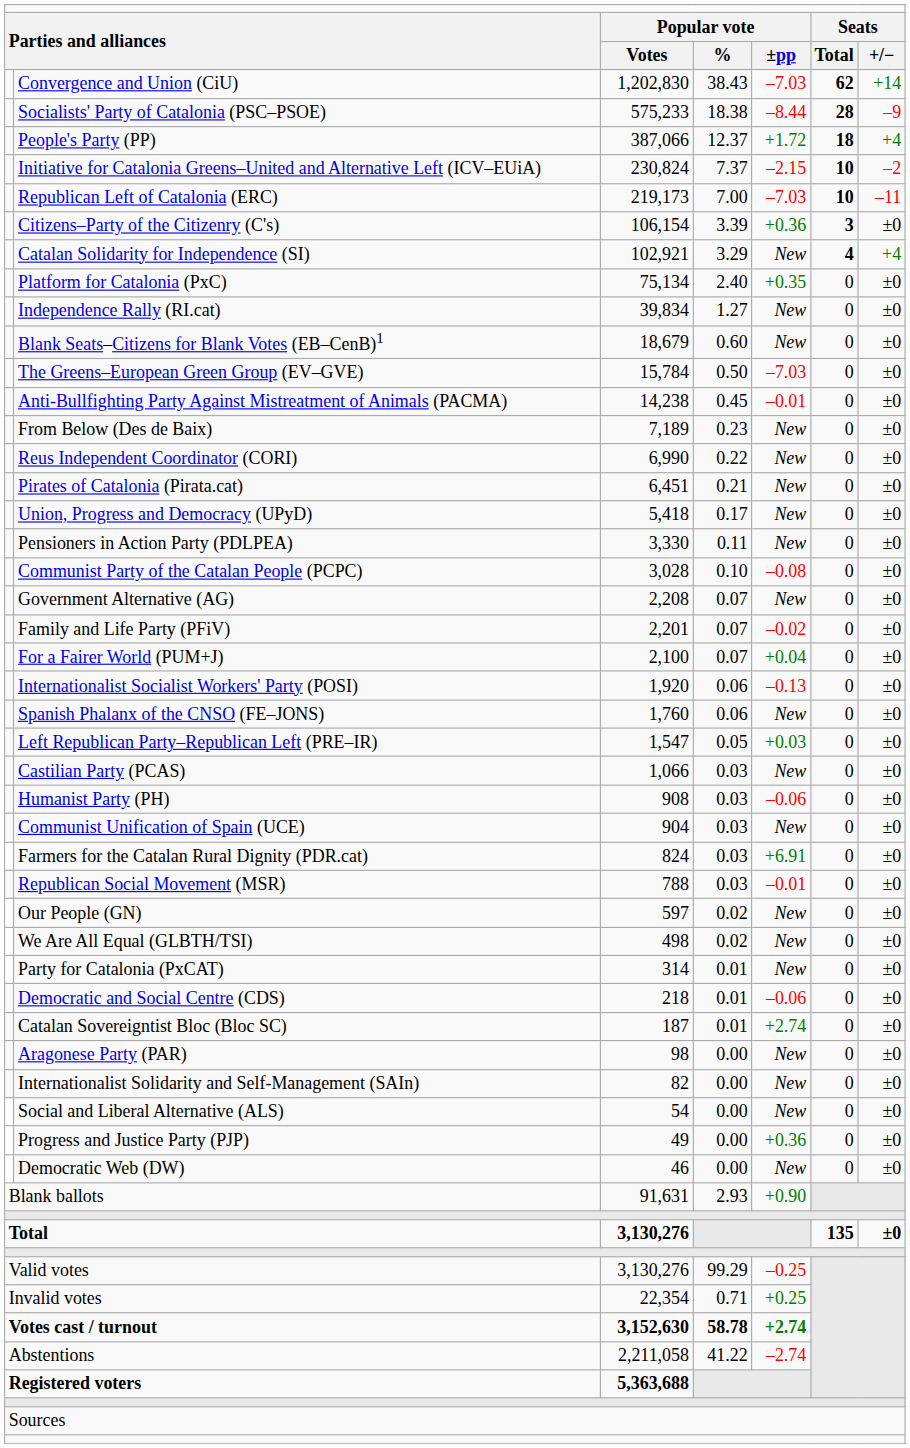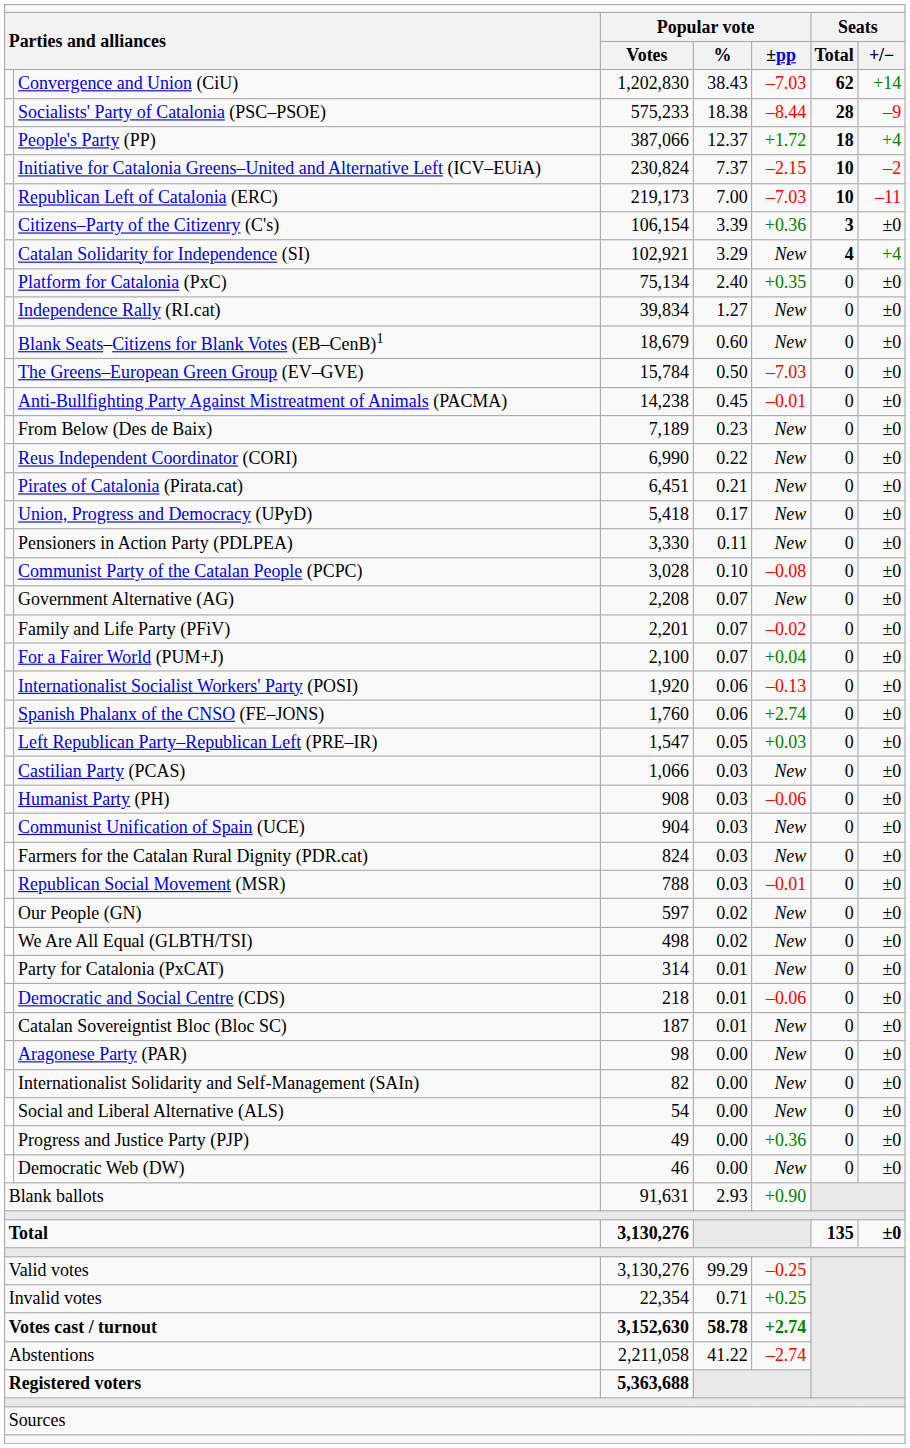 <table class="wikitable" style="text-align:right;">
 <tr>
 <td colspan="7"></td>
 </tr>
 <tr>
 <th style="text-align:left;" rowspan="2" colspan="2" width="525">Parties and alliances</th>
 <th colspan="3">Popular vote</th>
 <th colspan="2">Seats</th>
 </tr>
 <tr>
 <th width="75">Votes</th>
 <th width="45">%</th>
 <th width="45">±<a href='#'>pp</a></th>
 <th width="35">Total</th>
 <th width="35">+/−</th>
 </tr>
 <tr>
 <td width="1" style="color:inherit;background:"></td>
 <td align="left"><a href='#'>Convergence and Union</a> (CiU)</td>
 <td>1,202,830</td>
 <td>38.43</td>
 <td style="color:red;">–7.03</td>
 <td><strong>62</strong></td>
 <td style="color:green;">+14</td>
 </tr>
 <tr>
 <td style="color:inherit;background:"></td>
 <td align="left"><a href='#'>Socialists' Party of Catalonia</a> (PSC–PSOE)</td>
 <td>575,233</td>
 <td>18.38</td>
 <td style="color:red;">–8.44</td>
 <td><strong>28</strong></td>
 <td style="color:red;">–9</td>
 </tr>
 <tr>
 <td style="color:inherit;background:"></td>
 <td align="left"><a href='#'>People's Party</a> (PP)</td>
 <td>387,066</td>
 <td>12.37</td>
 <td style="color:green;">+1.72</td>
 <td><strong>18</strong></td>
 <td style="color:green;">+4</td>
 </tr>
 <tr>
 <td style="color:inherit;background:"></td>
 <td align="left"><a href='#'>Initiative for Catalonia Greens–United and Alternative Left</a> (ICV–EUiA)</td>
 <td>230,824</td>
 <td>7.37</td>
 <td style="color:red;">–2.15</td>
 <td><strong>10</strong></td>
 <td style="color:red;">–2</td>
 </tr>
 <tr>
 <td style="color:inherit;background:"></td>
 <td align="left"><a href='#'>Republican Left of Catalonia</a> (ERC)</td>
 <td>219,173</td>
 <td>7.00</td>
 <td style="color:red;">–7.03</td>
 <td><strong>10</strong></td>
 <td style="color:red;">–11</td>
 </tr>
 <tr>
 <td style="color:inherit;background:"></td>
 <td align="left"><a href='#'>Citizens–Party of the Citizenry</a> (C's)</td>
 <td>106,154</td>
 <td>3.39</td>
 <td style="color:green;">+0.36</td>
 <td><strong>3</strong></td>
 <td>±0</td>
 </tr>
 <tr>
 <td style="color:inherit;background:"></td>
 <td align="left"><a href='#'>Catalan Solidarity for Independence</a> (SI)</td>
 <td>102,921</td>
 <td>3.29</td>
 <td><em>New</em></td>
 <td><strong>4</strong></td>
 <td style="color:green;">+4</td>
 </tr>
 <tr>
 <td style="color:inherit;background:"></td>
 <td align="left"><a href='#'>Platform for Catalonia</a> (PxC)</td>
 <td>75,134</td>
 <td>2.40</td>
 <td style="color:green;">+0.35</td>
 <td>0</td>
 <td>±0</td>
 </tr>
 <tr>
 <td style="color:inherit;background:"></td>
 <td align="left"><a href='#'>Independence Rally</a> (RI.cat)</td>
 <td>39,834</td>
 <td>1.27</td>
 <td><em>New</em></td>
 <td>0</td>
 <td>±0</td>
 </tr>
 <tr>
 <td style="color:inherit;background:"></td>
 <td align="left"><a href='#'>Blank Seats</a>–<a href='#'>Citizens for Blank Votes</a> (EB–CenB)<sup>1</sup></td>
 <td>18,679</td>
 <td>0.60</td>
 <td><em>New</em></td>
 <td>0</td>
 <td>±0</td>
 </tr>
 <tr>
 <td style="color:inherit;background:"></td>
 <td align="left"><a href='#'>The Greens–European Green Group</a> (EV–GVE)</td>
 <td>15,784</td>
 <td>0.50</td>
 <td style="color:red;">–7.03</td>
 <td>0</td>
 <td>±0</td>
 </tr>
 <tr>
 <td style="color:inherit;background:"></td>
 <td align="left"><a href='#'>Anti-Bullfighting Party Against Mistreatment of Animals</a> (PACMA)</td>
 <td>14,238</td>
 <td>0.45</td>
 <td style="color:red;">–0.01</td>
 <td>0</td>
 <td>±0</td>
 </tr>
 <tr>
 <td style="color:inherit;background:"></td>
 <td align="left">From Below (Des de Baix)</td>
 <td>7,189</td>
 <td>0.23</td>
 <td><em>New</em></td>
 <td>0</td>
 <td>±0</td>
 </tr>
 <tr>
 <td style="color:inherit;background:"></td>
 <td align="left"><a href='#'>Reus Independent Coordinator</a> (CORI)</td>
 <td>6,990</td>
 <td>0.22</td>
 <td><em>New</em></td>
 <td>0</td>
 <td>±0</td>
 </tr>
 <tr>
 <td style="color:inherit;background:"></td>
 <td align="left"><a href='#'>Pirates of Catalonia</a> (Pirata.cat)</td>
 <td>6,451</td>
 <td>0.21</td>
 <td><em>New</em></td>
 <td>0</td>
 <td>±0</td>
 </tr>
 <tr>
 <td style="color:inherit;background:"></td>
 <td align="left"><a href='#'>Union, Progress and Democracy</a> (UPyD)</td>
 <td>5,418</td>
 <td>0.17</td>
 <td><em>New</em></td>
 <td>0</td>
 <td>±0</td>
 </tr>
 <tr>
 <td style="color:inherit;background:"></td>
 <td align="left">Pensioners in Action Party (PDLPEA)</td>
 <td>3,330</td>
 <td>0.11</td>
 <td><em>New</em></td>
 <td>0</td>
 <td>±0</td>
 </tr>
 <tr>
 <td style="color:inherit;background:"></td>
 <td align="left"><a href='#'>Communist Party of the Catalan People</a> (PCPC)</td>
 <td>3,028</td>
 <td>0.10</td>
 <td style="color:red;">–0.08</td>
 <td>0</td>
 <td>±0</td>
 </tr>
 <tr>
 <td style="color:inherit;background:"></td>
 <td align="left">Government Alternative (AG)</td>
 <td>2,208</td>
 <td>0.07</td>
 <td><em>New</em></td>
 <td>0</td>
 <td>±0</td>
 </tr>
 <tr>
 <td style="color:inherit;background:"></td>
 <td align="left">Family and Life Party (PFiV)</td>
 <td>2,201</td>
 <td>0.07</td>
 <td style="color:red;">–0.02</td>
 <td>0</td>
 <td>±0</td>
 </tr>
 <tr>
 <td style="color:inherit;background:"></td>
 <td align="left"><a href='#'>For a Fairer World</a> (PUM+J)</td>
 <td>2,100</td>
 <td>0.07</td>
 <td style="color:green;">+0.04</td>
 <td>0</td>
 <td>±0</td>
 </tr>
 <tr>
 <td style="color:inherit;background:"></td>
 <td align="left"><a href='#'>Internationalist Socialist Workers' Party</a> (POSI)</td>
 <td>1,920</td>
 <td>0.06</td>
 <td style="color:red;">–0.13</td>
 <td>0</td>
 <td>±0</td>
 </tr>
 <tr>
 <td style="color:inherit;background:"></td>
 <td align="left"><a href='#'>Spanish Phalanx of the CNSO</a> (FE–JONS)</td>
 <td>1,760</td>
 <td>0.06</td>
-<td><em>New</em></td>
+<td style="color:green;">+2.74</td>
 <td>0</td>
 <td>±0</td>
 </tr>
 <tr>
 <td style="color:inherit;background:"></td>
 <td align="left"><a href='#'>Left Republican Party–Republican Left</a> (PRE–IR)</td>
 <td>1,547</td>
 <td>0.05</td>
 <td style="color:green;">+0.03</td>
 <td>0</td>
 <td>±0</td>
 </tr>
 <tr>
 <td style="color:inherit;background:"></td>
 <td align="left"><a href='#'>Castilian Party</a> (PCAS)</td>
 <td>1,066</td>
 <td>0.03</td>
 <td><em>New</em></td>
 <td>0</td>
 <td>±0</td>
 </tr>
 <tr>
 <td style="color:inherit;background:"></td>
 <td align="left"><a href='#'>Humanist Party</a> (PH)</td>
 <td>908</td>
 <td>0.03</td>
 <td style="color:red;">–0.06</td>
 <td>0</td>
 <td>±0</td>
 </tr>
 <tr>
 <td style="color:inherit;background:"></td>
 <td align="left"><a href='#'>Communist Unification of Spain</a> (UCE)</td>
 <td>904</td>
 <td>0.03</td>
 <td><em>New</em></td>
 <td>0</td>
 <td>±0</td>
 </tr>
 <tr>
 <td bgcolor="white"></td>
 <td align="left">Farmers for the Catalan Rural Dignity (PDR.cat)</td>
 <td>824</td>
 <td>0.03</td>
-<td style="color:green;">+6.91</td>
+<td><em>New</em></td>
 <td>0</td>
 <td>±0</td>
 </tr>
 <tr>
 <td style="color:inherit;background:"></td>
 <td align="left"><a href='#'>Republican Social Movement</a> (MSR)</td>
 <td>788</td>
 <td>0.03</td>
 <td style="color:red;">–0.01</td>
 <td>0</td>
 <td>±0</td>
 </tr>
 <tr>
 <td bgcolor="white"></td>
 <td align="left">Our People (GN)</td>
 <td>597</td>
 <td>0.02</td>
 <td><em>New</em></td>
 <td>0</td>
 <td>±0</td>
 </tr>
 <tr>
 <td bgcolor="white"></td>
 <td align="left">We Are All Equal (GLBTH/TSI)</td>
 <td>498</td>
 <td>0.02</td>
 <td><em>New</em></td>
 <td>0</td>
 <td>±0</td>
 </tr>
 <tr>
 <td bgcolor="white"></td>
 <td align="left">Party for Catalonia (PxCAT)</td>
 <td>314</td>
 <td>0.01</td>
 <td><em>New</em></td>
 <td>0</td>
 <td>±0</td>
 </tr>
 <tr>
 <td style="color:inherit;background:"></td>
 <td align="left"><a href='#'>Democratic and Social Centre</a> (CDS)</td>
 <td>218</td>
 <td>0.01</td>
 <td style="color:red;">–0.06</td>
 <td>0</td>
 <td>±0</td>
 </tr>
 <tr>
 <td style="color:inherit;background:"></td>
 <td align="left">Catalan Sovereigntist Bloc (Bloc SC)</td>
 <td>187</td>
 <td>0.01</td>
-<td style="color:green;">+2.74</td>
+<td><em>New</em></td>
 <td>0</td>
 <td>±0</td>
 </tr>
 <tr>
 <td style="color:inherit;background:"></td>
 <td align="left"><a href='#'>Aragonese Party</a> (PAR)</td>
 <td>98</td>
 <td>0.00</td>
 <td><em>New</em></td>
 <td>0</td>
 <td>±0</td>
 </tr>
 <tr>
 <td style="color:inherit;background:"></td>
 <td align="left">Internationalist Solidarity and Self-Management (SAIn)</td>
 <td>82</td>
 <td>0.00</td>
 <td><em>New</em></td>
 <td>0</td>
 <td>±0</td>
 </tr>
 <tr>
 <td bgcolor="white"></td>
 <td align="left">Social and Liberal Alternative (ALS)</td>
 <td>54</td>
 <td>0.00</td>
 <td><em>New</em></td>
 <td>0</td>
 <td>±0</td>
 </tr>
 <tr>
 <td bgcolor="white"></td>
 <td align="left">Progress and Justice Party (PJP)</td>
 <td>49</td>
 <td>0.00</td>
 <td style="color:green;">+0.36</td>
 <td>0</td>
 <td>±0</td>
 </tr>
 <tr>
 <td bgcolor="white"></td>
 <td align="left">Democratic Web (DW)</td>
 <td>46</td>
 <td>0.00</td>
 <td><em>New</em></td>
 <td>0</td>
 <td>±0</td>
 </tr>
 <tr>
 <td align="left" colspan="2">Blank ballots</td>
 <td>91,631</td>
 <td>2.93</td>
 <td style="color:green;">+0.90</td>
 <td bgcolor="#E9E9E9" colspan="2"></td>
 </tr>
 <tr>
 <td colspan="7" bgcolor="#E9E9E9"></td>
 </tr>
 <tr style="font-weight:bold;">
 <td align="left" colspan="2">Total</td>
 <td>3,130,276</td>
 <td bgcolor="#E9E9E9" colspan="2"></td>
 <td>135</td>
 <td>±0</td>
 </tr>
 <tr>
 <td colspan="7" bgcolor="#E9E9E9"></td>
 </tr>
 <tr>
 <td align="left" colspan="2">Valid votes</td>
 <td>3,130,276</td>
 <td>99.29</td>
 <td style="color:red;">–0.25</td>
 <td bgcolor="#E9E9E9" colspan="2" rowspan="5"></td>
 </tr>
 <tr>
 <td align="left" colspan="2">Invalid votes</td>
 <td>22,354</td>
 <td>0.71</td>
 <td style="color:green;">+0.25</td>
 </tr>
 <tr style="font-weight:bold;">
 <td align="left" colspan="2">Votes cast / turnout</td>
 <td>3,152,630</td>
 <td>58.78</td>
 <td style="color:green;">+2.74</td>
 </tr>
 <tr>
 <td align="left" colspan="2">Abstentions</td>
 <td>2,211,058</td>
 <td>41.22</td>
 <td style="color:red;">–2.74</td>
 </tr>
 <tr style="font-weight:bold;">
 <td align="left" colspan="2">Registered voters</td>
 <td>5,363,688</td>
 <td bgcolor="#E9E9E9" colspan="2"></td>
 </tr>
 <tr>
 <td colspan="7" bgcolor="#E9E9E9"></td>
 </tr>
 <tr>
 <td align="left" colspan="7">Sources</td>
 </tr>
 <tr>
 <td colspan="7" style="text-align:left; max-width:790px;"></td>
 </tr>
 </table>
